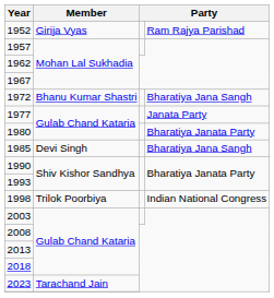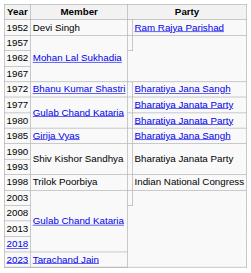 <table class="wikitable sortable">
 <tr>
 <th>Year</th>
 <th>Member</th>
 <th colspan="2">Party</th>
 </tr>
 <tr>
 <td>1952</td>
-<td><a href='#'>Girija Vyas</a></td>
+<td>Devi Singh</td>
 <td style="background-color: "></td>
 <td><a href='#'>Ram Rajya Parishad</a></td>
 </tr>
 <tr>
 <td>1957</td>
 <td rowspan=3><a href='#'>Mohan Lal Sukhadia</a></td>
 <td></td>
 </tr>
 <tr>
 <td>1962</td>
 </tr>
 <tr>
 <td>1967</td>
 </tr>
 <tr>
 <td>1972</td>
 <td><a href='#'>Bhanu Kumar Shastri</a></td>
 <td style="background-color: "></td>
 <td><a href='#'>Bharatiya Jana Sangh</a></td>
 </tr>
 <tr>
 <td>1977</td>
 <td rowspan=2><a href='#'>Gulab Chand Kataria</a></td>
 <td style="background-color: "></td>
-<td><a href='#'>Janata Party</a></td>
+<td><a href='#'>Bharatiya Janata Party</a></td>
 </tr>
 <tr>
 <td>1980</td>
 <td style="background-color: "></td>
 <td><a href='#'>Bharatiya Janata Party</a></td>
 </tr>
 <tr>
 <td>1985</td>
-<td>Devi Singh</td>
+<td><a href='#'>Girija Vyas</a></td>
 <td style="background-color: "></td>
 <td><a href='#'>Bharatiya Jana Sangh</a></td>
 </tr>
 <tr>
 <td>1990</td>
 <td rowspan=2>Shiv Kishor Sandhya</td>
 <td rowspan=2 style="background-color: "></td>
 <td rowspan=2>Bharatiya Janata Party</td>
 </tr>
 <tr>
 <td>1993</td>
 </tr>
 <tr>
 <td>1998</td>
 <td>Trilok Poorbiya</td>
 <td style="background-color: "></td>
 <td>Indian National Congress</td>
 </tr>
 <tr>
 <td>2003</td>
 <td rowspan=4><a href='#'>Gulab Chand Kataria</a></td>
 <td></td>
 </tr>
 <tr>
 <td>2008</td>
 </tr>
 <tr>
 <td>2013</td>
 </tr>
 <tr>
 <td><a href='#'>2018</a></td>
 </tr>
 <tr>
 <td><a href='#'>2023</a></td>
 <td><a href='#'>Tarachand Jain</a></td>
 </tr>
 <tr>
 </tr>
 </table>
